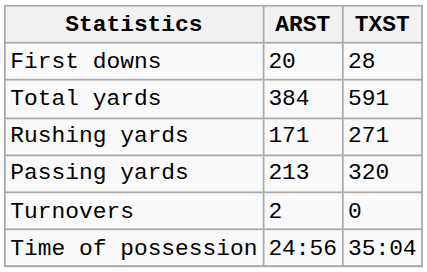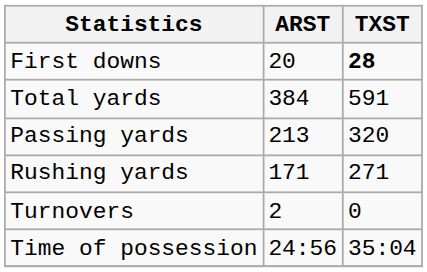 <table class="wikitable" style="float: left;">
 <tr>
 <th>Statistics</th>
 <th>ARST</th>
 <th>TXST</th>
 </tr>
 <tr>
 <td>First downs</td>
 <td>20</td>
-<td>28</td>
+<td><strong>28</strong></td>
 </tr>
 <tr>
 <td>Total yards</td>
 <td>384</td>
 <td>591</td>
 </tr>
 <tr>
+<td>Passing yards</td>
+<td>213</td>
+<td>320</td>
+</tr>
+<tr>
 <td>Rushing yards</td>
 <td>171</td>
 <td>271</td>
-</tr>
-<tr>
-<td>Passing yards</td>
-<td>213</td>
-<td>320</td>
 </tr>
 <tr>
 <td>Turnovers</td>
 <td>2</td>
 <td>0</td>
 </tr>
 <tr>
 <td>Time of possession</td>
 <td>24:56</td>
 <td>35:04</td>
 </tr>
 <tr>
 </tr>
 </table>
